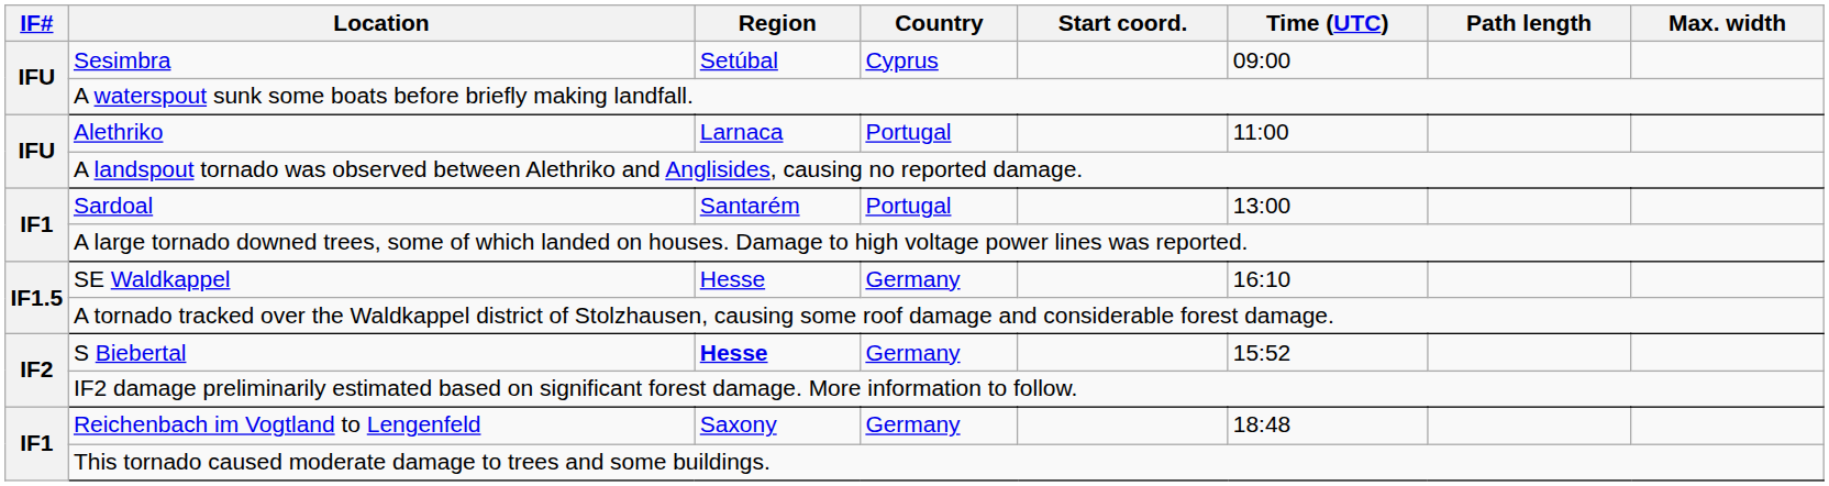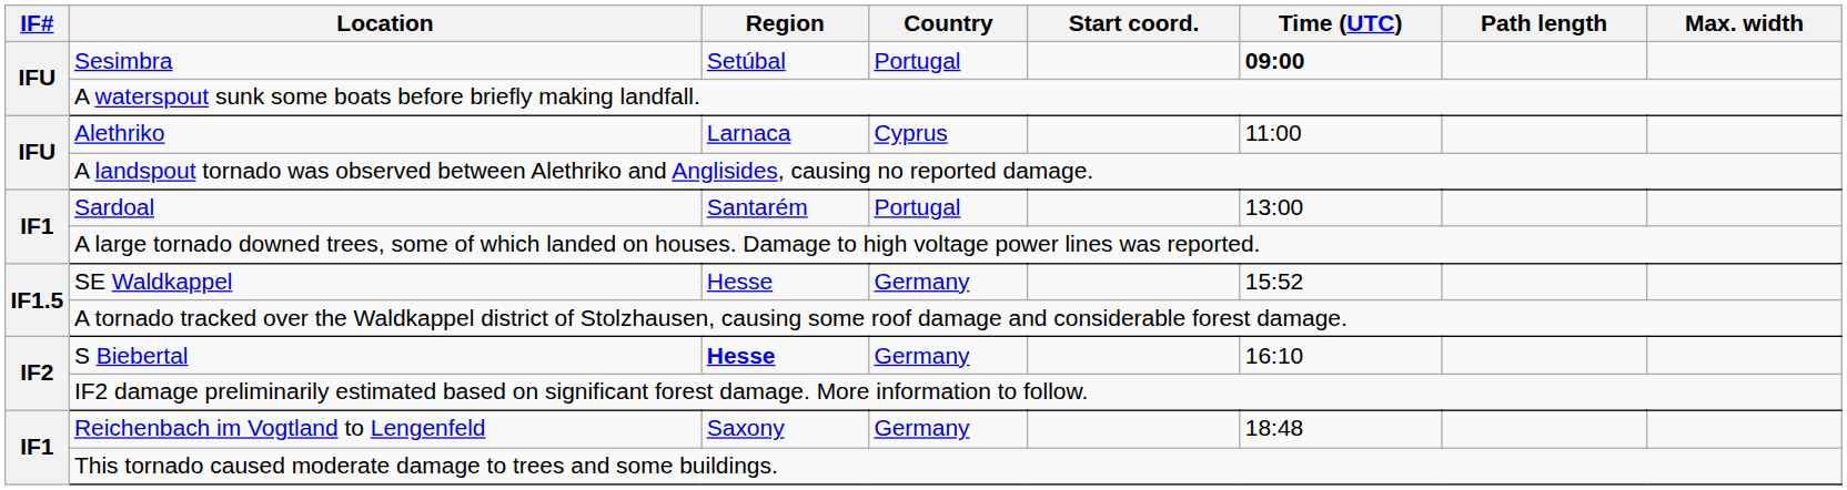 <table class="wikitable sortable" style="width:100%;">
 <tr>
 <th scope="col" width="2%" align="center"><a href='#'>IF#</a></th>
 <th scope="col" align="center" class="unsortable">Location</th>
 <th scope="col" align="center" class="unsortable">Region</th>
 <th scope="col" align="center">Country</th>
 <th scope="col" align="center">Start coord.</th>
 <th scope="col" align="center">Time (<a href='#'>UTC</a>)</th>
 <th scope="col" align="center">Path length</th>
 <th scope="col" align="center">Max. width</th>
 </tr>
 <tr>
 <th scope="row" rowspan="2" style="background-color:#">IFU</th>
 <td><a href='#'>Sesimbra</a></td>
 <td><a href='#'>Setúbal</a></td>
-<td><a href='#'>Cyprus</a></td>
+<td><a href='#'>Portugal</a></td>
 <td></td>
-<td>09:00</td>
+<td><strong>09:00</strong></td>
 <td></td>
 <td></td>
 </tr>
 <tr class="expand-child">
 <td colspan="8" style=" border-bottom: 1px solid black;">A <a href='#'>waterspout</a> sunk some boats before briefly making landfall.</td>
 </tr>
 <tr>
 <th scope="row" rowspan="2" style="background-color:#">IFU</th>
 <td><a href='#'>Alethriko</a></td>
 <td><a href='#'>Larnaca</a></td>
-<td><a href='#'>Portugal</a></td>
+<td><a href='#'>Cyprus</a></td>
 <td></td>
 <td>11:00</td>
 <td></td>
 <td></td>
 </tr>
 <tr class="expand-child">
 <td colspan="8" style=" border-bottom: 1px solid black;">A <a href='#'>landspout</a> tornado was observed between Alethriko and <a href='#'>Anglisides</a>, causing no reported damage.</td>
 </tr>
 <tr>
 <th scope="row" rowspan="2" style="background-color:#">IF1</th>
 <td><a href='#'>Sardoal</a></td>
 <td><a href='#'>Santarém</a></td>
 <td><a href='#'>Portugal</a></td>
 <td></td>
 <td>13:00</td>
 <td></td>
 <td></td>
 </tr>
 <tr class="expand-child">
 <td colspan="8" style=" border-bottom: 1px solid black;">A large tornado downed trees, some of which landed on houses. Damage to high voltage power lines was reported.</td>
 </tr>
 <tr>
 <th scope="row" rowspan="2" style="background-color:#">IF1.5</th>
 <td>SE <a href='#'>Waldkappel</a></td>
 <td><a href='#'>Hesse</a></td>
 <td><a href='#'>Germany</a></td>
 <td></td>
-<td>16:10</td>
+<td>15:52</td>
 <td></td>
 <td></td>
 </tr>
 <tr class="expand-child">
 <td colspan="8" style=" border-bottom: 1px solid black;">A tornado tracked over the Waldkappel district of Stolzhausen, causing some roof damage and considerable forest damage.</td>
 </tr>
 <tr>
 <th scope="row" rowspan="2" style="background-color:#">IF2</th>
 <td>S <a href='#'>Biebertal</a></td>
 <td><strong><a href='#'>Hesse</a></strong></td>
 <td><a href='#'>Germany</a></td>
 <td></td>
-<td>15:52</td>
+<td>16:10</td>
 <td></td>
 <td></td>
 </tr>
 <tr class="expand-child">
 <td colspan="8" style=" border-bottom: 1px solid black;">IF2 damage preliminarily estimated based on significant forest damage. More information to follow.</td>
 </tr>
 <tr>
 <th scope="row" rowspan="2" style="background-color:#">IF1</th>
 <td><a href='#'>Reichenbach im Vogtland</a> to <a href='#'>Lengenfeld</a></td>
 <td><a href='#'>Saxony</a></td>
 <td><a href='#'>Germany</a></td>
 <td></td>
 <td>18:48</td>
 <td></td>
 <td></td>
 </tr>
 <tr class="expand-child">
 <td colspan="8" style=" border-bottom: 1px solid black;">This tornado caused moderate damage to trees and some buildings.</td>
 </tr>
 </table>
